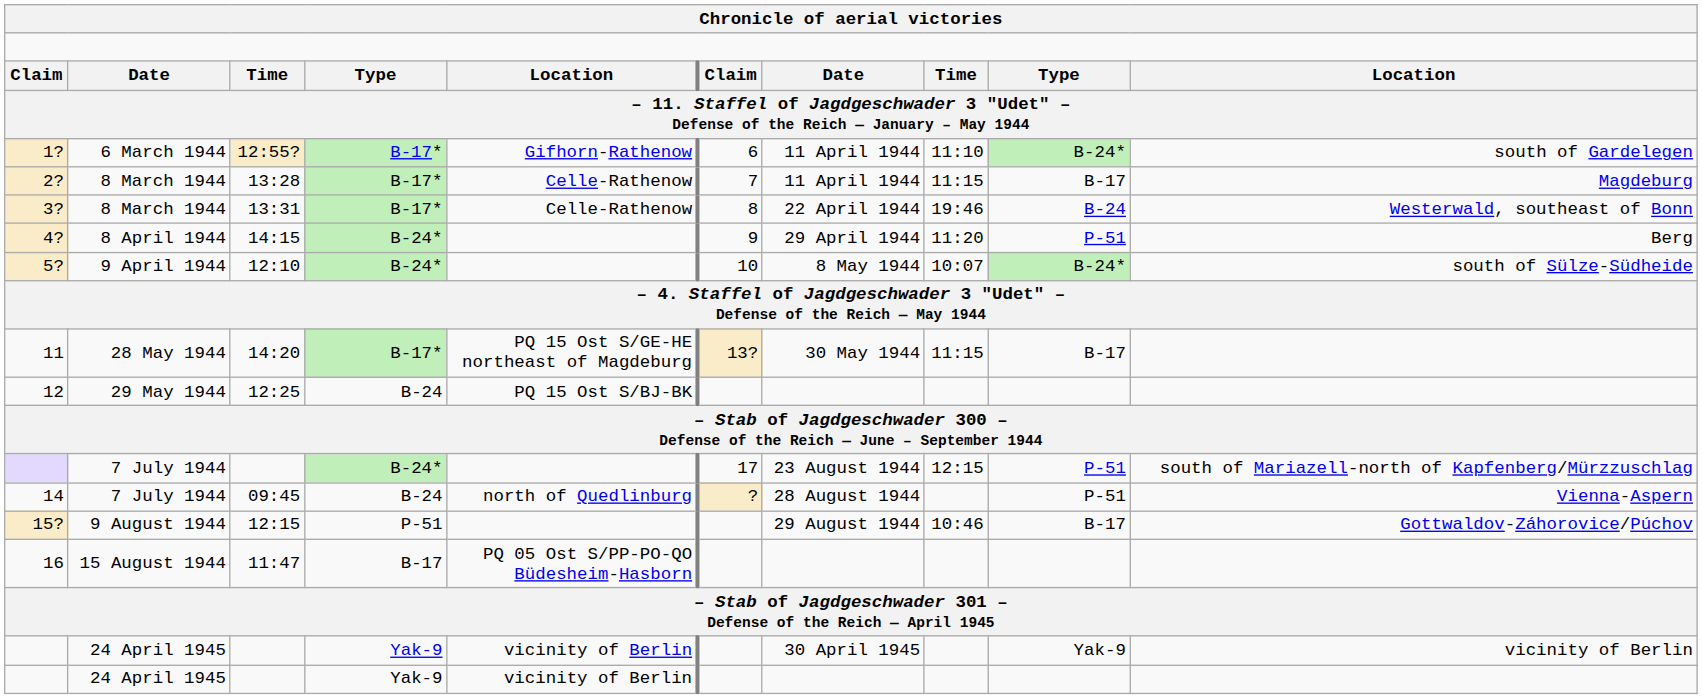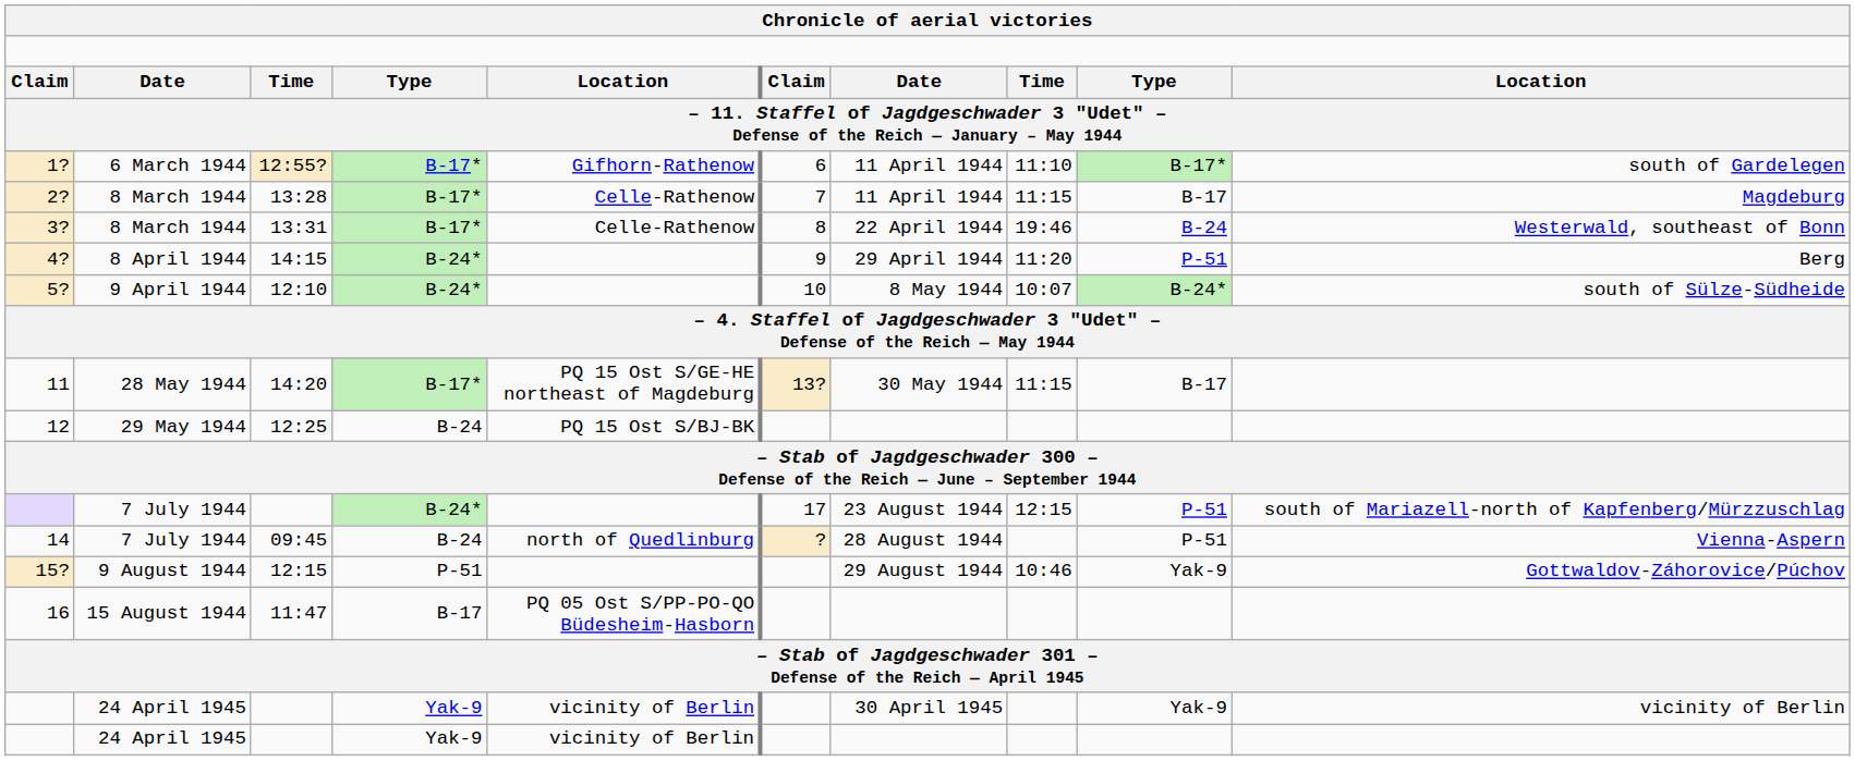 <table class="wikitable plainrowheaders collapsible" style="margin-left: auto; margin-right: auto; border: none; text-align:right; width: 100%;">
 <tr>
 <th colspan="10">Chronicle of aerial victories</th>
 </tr>
 <tr>
 <td colspan="10" style="text-align: left;"><br>  </td>
 </tr>
 <tr>
 <th scope="col">Claim</th>
 <th scope="col">Date</th>
 <th scope="col">Time</th>
 <th scope="col" width="100px">Type</th>
 <th scope="col">Location</th>
 <th scope="col" style="border-left: 3px solid grey;">Claim</th>
 <th scope="col">Date</th>
 <th scope="col">Time</th>
 <th scope="col" width="100px">Type</th>
 <th scope="col">Location</th>
 </tr>
 <tr>
 <th colspan="10">– 11. <em>Staffel</em> of <em>Jagdgeschwader</em> 3 "Udet" –<br><small>Defense of the Reich — January – May 1944</small></th>
 </tr>
 <tr>
 <td style="background:#faecc8">1?</td>
 <td>6 March 1944</td>
 <td style="background:#faecc8">12:55?</td>
 <td style="background:#C0EFBA"><a href='#'>B-17</a>*</td>
 <td><a href='#'>Gifhorn</a>-<a href='#'>Rathenow</a></td>
 <td style="border-left: 3px solid grey;">6</td>
 <td>11 April 1944</td>
 <td>11:10</td>
-<td style="background:#C0EFBA">B-24*</td>
+<td style="background:#C0EFBA">B-17*</td>
 <td>south of <a href='#'>Gardelegen</a></td>
 </tr>
 <tr>
 <td style="background:#faecc8">2?</td>
 <td>8 March 1944</td>
 <td>13:28</td>
 <td style="background:#C0EFBA">B-17*</td>
 <td><a href='#'>Celle</a>-Rathenow</td>
 <td style="border-left: 3px solid grey;">7</td>
 <td>11 April 1944</td>
 <td>11:15</td>
 <td>B-17</td>
 <td><a href='#'>Magdeburg</a></td>
 </tr>
 <tr>
 <td style="background:#faecc8">3?</td>
 <td>8 March 1944</td>
 <td>13:31</td>
 <td style="background:#C0EFBA">B-17*</td>
 <td>Celle-Rathenow</td>
 <td style="border-left: 3px solid grey;">8</td>
 <td>22 April 1944</td>
 <td>19:46</td>
 <td><a href='#'>B-24</a></td>
 <td><a href='#'>Westerwald</a>, southeast of <a href='#'>Bonn</a></td>
 </tr>
 <tr>
 <td style="background:#faecc8">4?</td>
 <td>8 April 1944</td>
 <td>14:15</td>
 <td style="background:#C0EFBA">B-24*</td>
 <td></td>
 <td style="border-left: 3px solid grey;">9</td>
 <td>29 April 1944</td>
 <td>11:20</td>
 <td><a href='#'>P-51</a></td>
 <td>Berg</td>
 </tr>
 <tr>
 <td style="background:#faecc8">5?</td>
 <td>9 April 1944</td>
 <td>12:10</td>
 <td style="background:#C0EFBA">B-24*</td>
 <td></td>
 <td style="border-left: 3px solid grey;">10</td>
 <td>8 May 1944</td>
 <td>10:07</td>
 <td style="background:#C0EFBA">B-24*</td>
 <td>south of <a href='#'>Sülze</a>-<a href='#'>Südheide</a></td>
 </tr>
 <tr>
 <th colspan="10">– 4. <em>Staffel</em> of <em>Jagdgeschwader</em> 3 "Udet" –<br><small>Defense of the Reich — May 1944</small></th>
 </tr>
 <tr>
 <td>11</td>
 <td>28 May 1944</td>
 <td>14:20</td>
 <td style="background:#C0EFBA">B-17*</td>
 <td>PQ 15 Ost S/GE-HE<br>northeast of Magdeburg</td>
 <td style="border-left: 3px solid grey; background:#faecc8">13?</td>
 <td>30 May 1944</td>
 <td>11:15</td>
 <td>B-17</td>
 <td></td>
 </tr>
 <tr>
 <td>12</td>
 <td>29 May 1944</td>
 <td>12:25</td>
 <td>B-24</td>
 <td>PQ 15 Ost S/BJ-BK</td>
 <td style="border-left: 3px solid grey;"></td>
 <td></td>
 <td></td>
 <td></td>
 <td></td>
 </tr>
 <tr>
 <th colspan="10">– <em>Stab</em> of <em>Jagdgeschwader</em> 300 –<br><small>Defense of the Reich — June – September 1944</small></th>
 </tr>
 <tr>
 <td style="background:#e3d9ff;"></td>
 <td>7 July 1944</td>
 <td></td>
 <td style="background:#C0EFBA">B-24*</td>
 <td></td>
 <td style="border-left: 3px solid grey;">17</td>
 <td>23 August 1944</td>
 <td>12:15</td>
 <td><a href='#'>P-51</a></td>
 <td>south of <a href='#'>Mariazell</a>-north of <a href='#'>Kapfenberg</a>/<a href='#'>Mürzzuschlag</a></td>
 </tr>
 <tr>
 <td>14</td>
 <td>7 July 1944</td>
 <td>09:45</td>
 <td>B-24</td>
 <td>north of <a href='#'>Quedlinburg</a></td>
 <td style="border-left: 3px solid grey; background:#faecc8">?</td>
 <td>28 August 1944</td>
 <td></td>
 <td>P-51</td>
 <td><a href='#'>Vienna</a>-<a href='#'>Aspern</a></td>
 </tr>
 <tr>
 <td style="background:#faecc8">15?</td>
 <td>9 August 1944</td>
 <td>12:15</td>
 <td>P-51</td>
 <td></td>
 <td style="border-left: 3px solid grey;"></td>
 <td>29 August 1944</td>
 <td>10:46</td>
-<td>B-17</td>
+<td>Yak-9</td>
 <td><a href='#'>Gottwaldov</a>-<a href='#'>Záhorovice</a>/<a href='#'>Púchov</a></td>
 </tr>
 <tr>
 <td>16</td>
 <td>15 August 1944</td>
 <td>11:47</td>
 <td>B-17</td>
 <td>PQ 05 Ost S/PP-PO-QO<br><a href='#'>Büdesheim</a>-<a href='#'>Hasborn</a></td>
 <td style="border-left: 3px solid grey;"></td>
 <td></td>
 <td></td>
 <td></td>
 <td></td>
 </tr>
 <tr>
 <th colspan="10">– <em>Stab</em> of <em>Jagdgeschwader</em> 301 –<br><small>Defense of the Reich — April 1945</small></th>
 </tr>
 <tr>
 <td></td>
 <td>24 April 1945</td>
 <td></td>
 <td><a href='#'>Yak-9</a></td>
 <td>vicinity of <a href='#'>Berlin</a></td>
 <td style="border-left: 3px solid grey;"></td>
 <td>30 April 1945</td>
 <td></td>
 <td>Yak-9</td>
 <td>vicinity of Berlin</td>
 </tr>
 <tr>
 <td></td>
 <td>24 April 1945</td>
 <td></td>
 <td>Yak-9</td>
 <td>vicinity of Berlin</td>
 <td style="border-left: 3px solid grey;"></td>
 <td></td>
 <td></td>
 <td></td>
 <td></td>
 </tr>
 </table>
